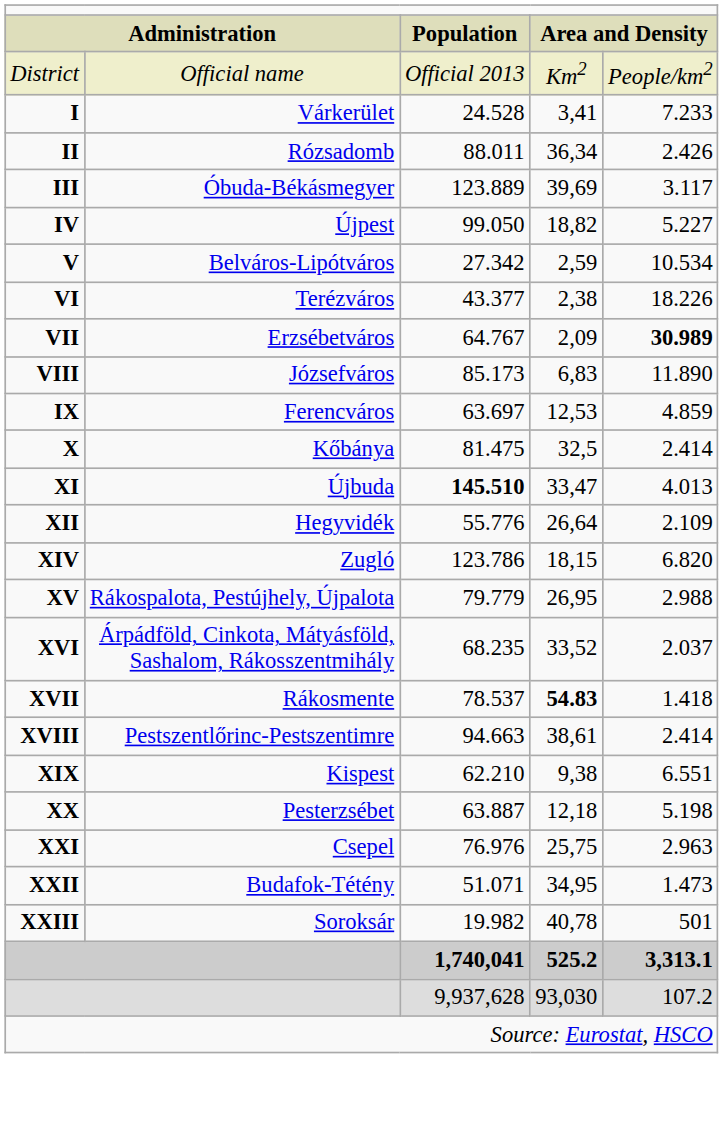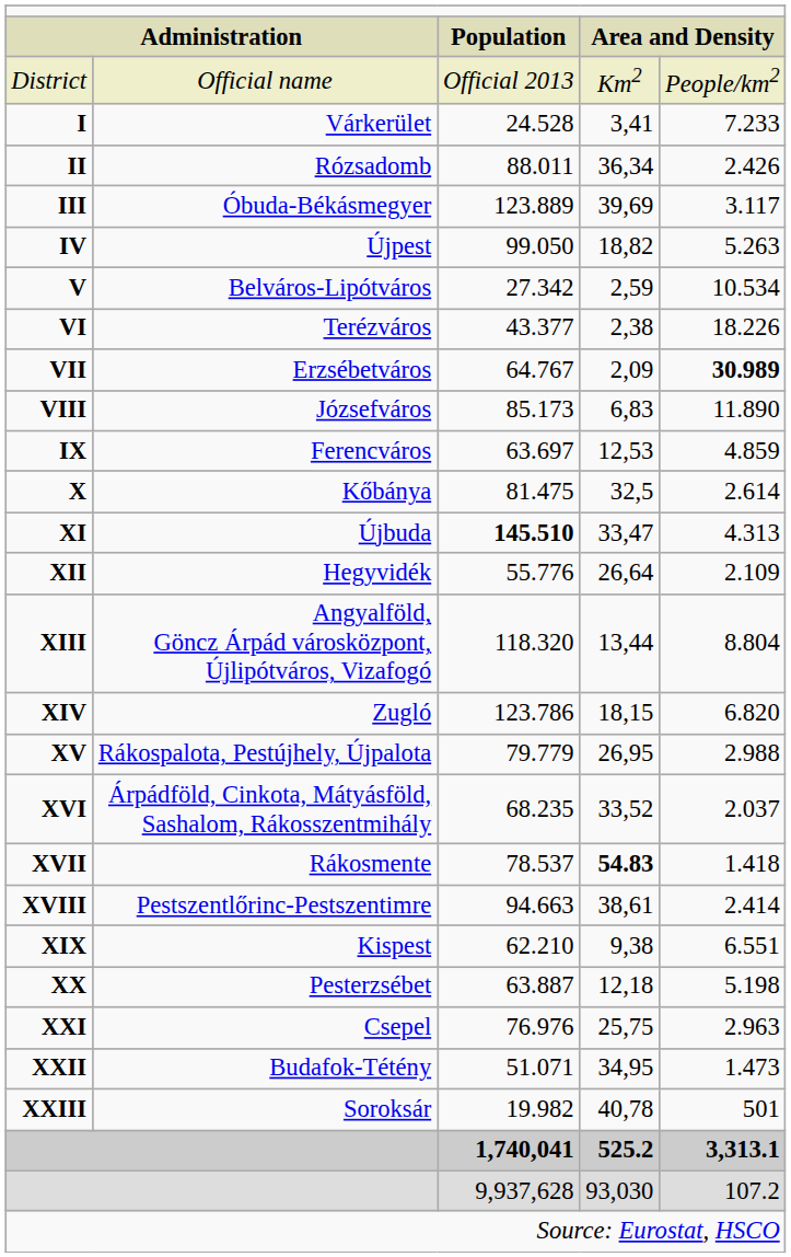 <table class="wikitable" style="float:right; text-align:right; font-size:85%; margin:1em;">
 <tr>
 <td colspan="5" bgcolor=""></td>
 </tr>
 <tr style="text-align:center; background:#dedebb;">
 <td colspan="2"><strong>Administration</strong></td>
 <td><strong>Population</strong></td>
 <td colspan="2"><strong>Area and Density</strong></td>
 </tr>
 <tr style="background:#efefcc;">
 <td style="text-align:center;"><em>District</em></td>
 <td style="text-align:center;"><em>Official name</em></td>
 <td style="text-align:center;"><em>Official 2013</em></td>
 <td style="text-align:center;"><em>Km<sup>2</sup></em></td>
 <td style="text-align:center;"><em>People/km<sup>2</sup></em></td>
 </tr>
 <tr>
 <td><strong>I</strong></td>
 <td><a href='#'>Várkerület</a></td>
 <td>24.528</td>
 <td>3,41</td>
 <td>7.233</td>
 </tr>
 <tr>
 <td><strong>II</strong></td>
 <td><a href='#'>Rózsadomb</a></td>
 <td>88.011</td>
 <td>36,34</td>
 <td>2.426</td>
 </tr>
 <tr>
 <td><strong>III</strong></td>
 <td><a href='#'>Óbuda-Békásmegyer</a></td>
 <td>123.889</td>
 <td>39,69</td>
 <td>3.117</td>
 </tr>
 <tr>
 <td><strong>IV</strong></td>
 <td><a href='#'>Újpest</a></td>
 <td>99.050</td>
 <td>18,82</td>
-<td>5.227</td>
+<td>5.263</td>
 </tr>
 <tr>
 <td><strong>V</strong></td>
 <td><a href='#'>Belváros-Lipótváros</a></td>
 <td>27.342</td>
 <td>2,59</td>
 <td>10.534</td>
 </tr>
 <tr>
 <td><strong>VI</strong></td>
 <td><a href='#'>Terézváros</a></td>
 <td>43.377</td>
 <td>2,38</td>
 <td>18.226</td>
 </tr>
 <tr>
 <td><strong>VII</strong></td>
 <td><a href='#'>Erzsébetváros</a></td>
 <td>64.767</td>
 <td>2,09</td>
 <td><strong>30.989</strong></td>
 </tr>
 <tr>
 <td><strong>VIII</strong></td>
 <td><a href='#'>Józsefváros</a></td>
 <td>85.173</td>
 <td>6,83</td>
 <td>11.890</td>
 </tr>
 <tr>
 <td><strong>IX</strong></td>
 <td><a href='#'>Ferencváros</a></td>
 <td>63.697</td>
 <td>12,53</td>
 <td>4.859</td>
 </tr>
 <tr>
 <td><strong>X</strong></td>
 <td><a href='#'>Kőbánya</a></td>
 <td>81.475</td>
 <td>32,5</td>
-<td>2.414</td>
+<td>2.614</td>
 </tr>
 <tr>
 <td><strong>XI</strong></td>
 <td><a href='#'>Újbuda</a></td>
 <td><strong>145.510</strong></td>
 <td>33,47</td>
-<td>4.013</td>
+<td>4.313</td>
 </tr>
 <tr>
 <td><strong>XII</strong></td>
 <td><a href='#'>Hegyvidék</a></td>
 <td>55.776</td>
 <td>26,64</td>
 <td>2.109</td>
+</tr>
+<tr>
+<td><strong>XIII</strong></td>
+<td><a href='#'>Angyalföld,<br>Göncz Árpád városközpont,<br>Újlipótváros, Vizafogó</a></td>
+<td>118.320</td>
+<td>13,44</td>
+<td>8.804</td>
 </tr>
 <tr>
 <td><strong>XIV</strong></td>
 <td><a href='#'>Zugló</a></td>
 <td>123.786</td>
 <td>18,15</td>
 <td>6.820</td>
 </tr>
 <tr>
 <td><strong>XV</strong></td>
 <td><a href='#'>Rákospalota, Pestújhely, Újpalota</a></td>
 <td>79.779</td>
 <td>26,95</td>
 <td>2.988</td>
 </tr>
 <tr>
 <td><strong>XVI</strong></td>
 <td><a href='#'>Árpádföld, Cinkota, Mátyásföld,<br>Sashalom, Rákosszentmihály</a></td>
 <td>68.235</td>
 <td>33,52</td>
 <td>2.037</td>
 </tr>
 <tr>
 <td><strong>XVII</strong></td>
 <td><a href='#'>Rákosmente</a></td>
 <td>78.537</td>
 <td><strong>54.83</strong></td>
 <td>1.418</td>
 </tr>
 <tr>
 <td><strong>XVIII</strong></td>
 <td><a href='#'>Pestszentlőrinc-Pestszentimre</a></td>
 <td>94.663</td>
 <td>38,61</td>
 <td>2.414</td>
 </tr>
 <tr>
 <td><strong>XIX</strong></td>
 <td><a href='#'>Kispest</a></td>
 <td>62.210</td>
 <td>9,38</td>
 <td>6.551</td>
 </tr>
 <tr>
 <td><strong>XX</strong></td>
 <td><a href='#'>Pesterzsébet</a></td>
 <td>63.887</td>
 <td>12,18</td>
 <td>5.198</td>
 </tr>
 <tr>
 <td><strong>XXI</strong></td>
 <td><a href='#'>Csepel</a></td>
 <td>76.976</td>
 <td>25,75</td>
 <td>2.963</td>
 </tr>
 <tr>
 <td><strong>XXII</strong></td>
 <td><a href='#'>Budafok-Tétény</a></td>
 <td>51.071</td>
 <td>34,95</td>
 <td>1.473</td>
 </tr>
 <tr>
 <td><strong>XXIII</strong></td>
 <td><a href='#'>Soroksár</a></td>
 <td>19.982</td>
 <td>40,78</td>
 <td>501</td>
 </tr>
 <tr style="background:#ccc;">
 <td colspan="2"></td>
 <td><strong>1,740,041</strong></td>
 <td><strong>525.2</strong></td>
 <td><strong>3,313.1</strong></td>
 </tr>
 <tr style="background:#ddd;">
 <td colspan="2"></td>
 <td>9,937,628</td>
 <td>93,030</td>
 <td>107.2</td>
 </tr>
 <tr style= style="text-align:center;">
 <td colspan="5"><em>Source: <a href='#'>Eurostat</a>, <a href='#'>HSCO</a></em></td>
 </tr>
 </table>
